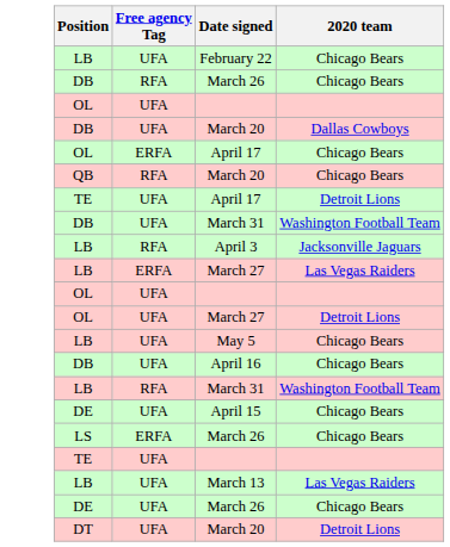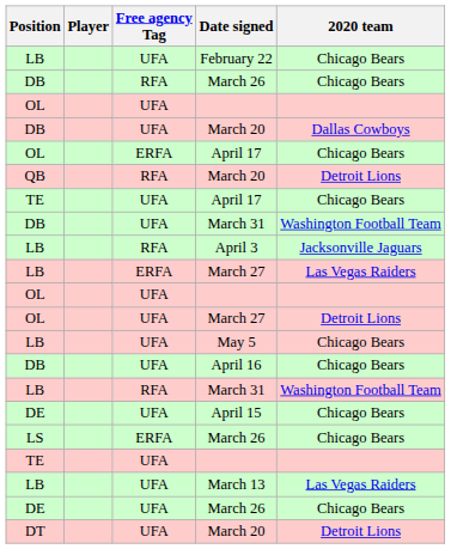 <table class="wikitable sortable" style="float:right;text-align:center">
 <tr>
 <th>Position</th>
+<th>Player</th>
 <th><a href='#'><span>Free agency</span></a><br>Tag</th>
 <th>Date signed</th>
 <th>2020 team</th>
 </tr>
 <tr style="background:#cfc">
 <td>LB</td>
+<td></td>
 <td>UFA</td>
 <td>February 22</td>
 <td>Chicago Bears</td>
 </tr>
 <tr style="background:#cfc">
 <td>DB</td>
+<td></td>
 <td>RFA</td>
 <td>March 26</td>
 <td>Chicago Bears</td>
 </tr>
 <tr style="background:#fcc">
 <td>OL</td>
+<td></td>
 <td>UFA</td>
 <td></td>
 <td></td>
 </tr>
 <tr style="background:#fcc">
 <td>DB</td>
+<td></td>
 <td>UFA</td>
 <td>March 20</td>
 <td><a href='#'>Dallas Cowboys</a></td>
 </tr>
 <tr style="background:#cfc">
 <td>OL</td>
+<td></td>
 <td>ERFA</td>
 <td>April 17</td>
 <td>Chicago Bears</td>
 </tr>
 <tr style="background:#fcc">
 <td>QB</td>
+<td></td>
 <td>RFA</td>
 <td>March 20</td>
+<td><a href='#'>Detroit Lions</a></td>
+</tr>
+<tr style="background:#cfc">
+<td>TE</td>
+<td></td>
+<td>UFA</td>
+<td>April 17</td>
 <td>Chicago Bears</td>
 </tr>
 <tr style="background:#cfc">
-<td>TE</td>
-<td>UFA</td>
-<td>April 17</td>
-<td><a href='#'>Detroit Lions</a></td>
-</tr>
-<tr style="background:#cfc">
 <td>DB</td>
+<td></td>
 <td>UFA</td>
 <td>March 31</td>
 <td><a href='#'>Washington Football Team</a></td>
 </tr>
 <tr style="background:#cfc">
 <td>LB</td>
+<td></td>
 <td>RFA</td>
 <td>April 3</td>
 <td><a href='#'>Jacksonville Jaguars</a></td>
 </tr>
 <tr style="background:#fcc">
 <td>LB</td>
+<td></td>
 <td>ERFA</td>
 <td>March 27</td>
 <td><a href='#'>Las Vegas Raiders</a></td>
 </tr>
 <tr style="background:#fcc">
 <td>OL</td>
+<td></td>
 <td>UFA</td>
 <td></td>
 <td></td>
 </tr>
 <tr style="background:#fcc">
 <td>OL</td>
+<td></td>
 <td>UFA</td>
 <td>March 27</td>
 <td><a href='#'>Detroit Lions</a></td>
 </tr>
 <tr style="background:#fcc">
 <td>LB</td>
+<td></td>
 <td>UFA</td>
 <td>May 5</td>
 <td>Chicago Bears</td>
 </tr>
 <tr style="background:#cfc">
 <td>DB</td>
+<td></td>
 <td>UFA</td>
 <td>April 16</td>
 <td>Chicago Bears</td>
 </tr>
 <tr style="background:#fcc">
 <td>LB</td>
+<td></td>
 <td>RFA</td>
 <td>March 31</td>
 <td><a href='#'>Washington Football Team</a></td>
 </tr>
 <tr style="background:#cfc">
 <td>DE</td>
+<td></td>
 <td>UFA</td>
 <td>April 15</td>
 <td>Chicago Bears</td>
 </tr>
 <tr style="background:#cfc">
 <td>LS</td>
+<td></td>
 <td>ERFA</td>
 <td>March 26</td>
 <td>Chicago Bears</td>
 </tr>
 <tr style="background:#fcc">
 <td>TE</td>
+<td></td>
 <td>UFA</td>
 <td></td>
 <td></td>
 </tr>
 <tr style="background:#cfc">
 <td>LB</td>
+<td></td>
 <td>UFA</td>
 <td>March 13</td>
 <td><a href='#'>Las Vegas Raiders</a></td>
 </tr>
 <tr style="background:#cfc">
 <td>DE</td>
+<td></td>
 <td>UFA</td>
 <td>March 26</td>
 <td>Chicago Bears</td>
 </tr>
 <tr style="background:#fcc">
 <td>DT</td>
+<td></td>
 <td>UFA</td>
 <td>March 20</td>
 <td><a href='#'>Detroit Lions</a></td>
 </tr>
 </table>
